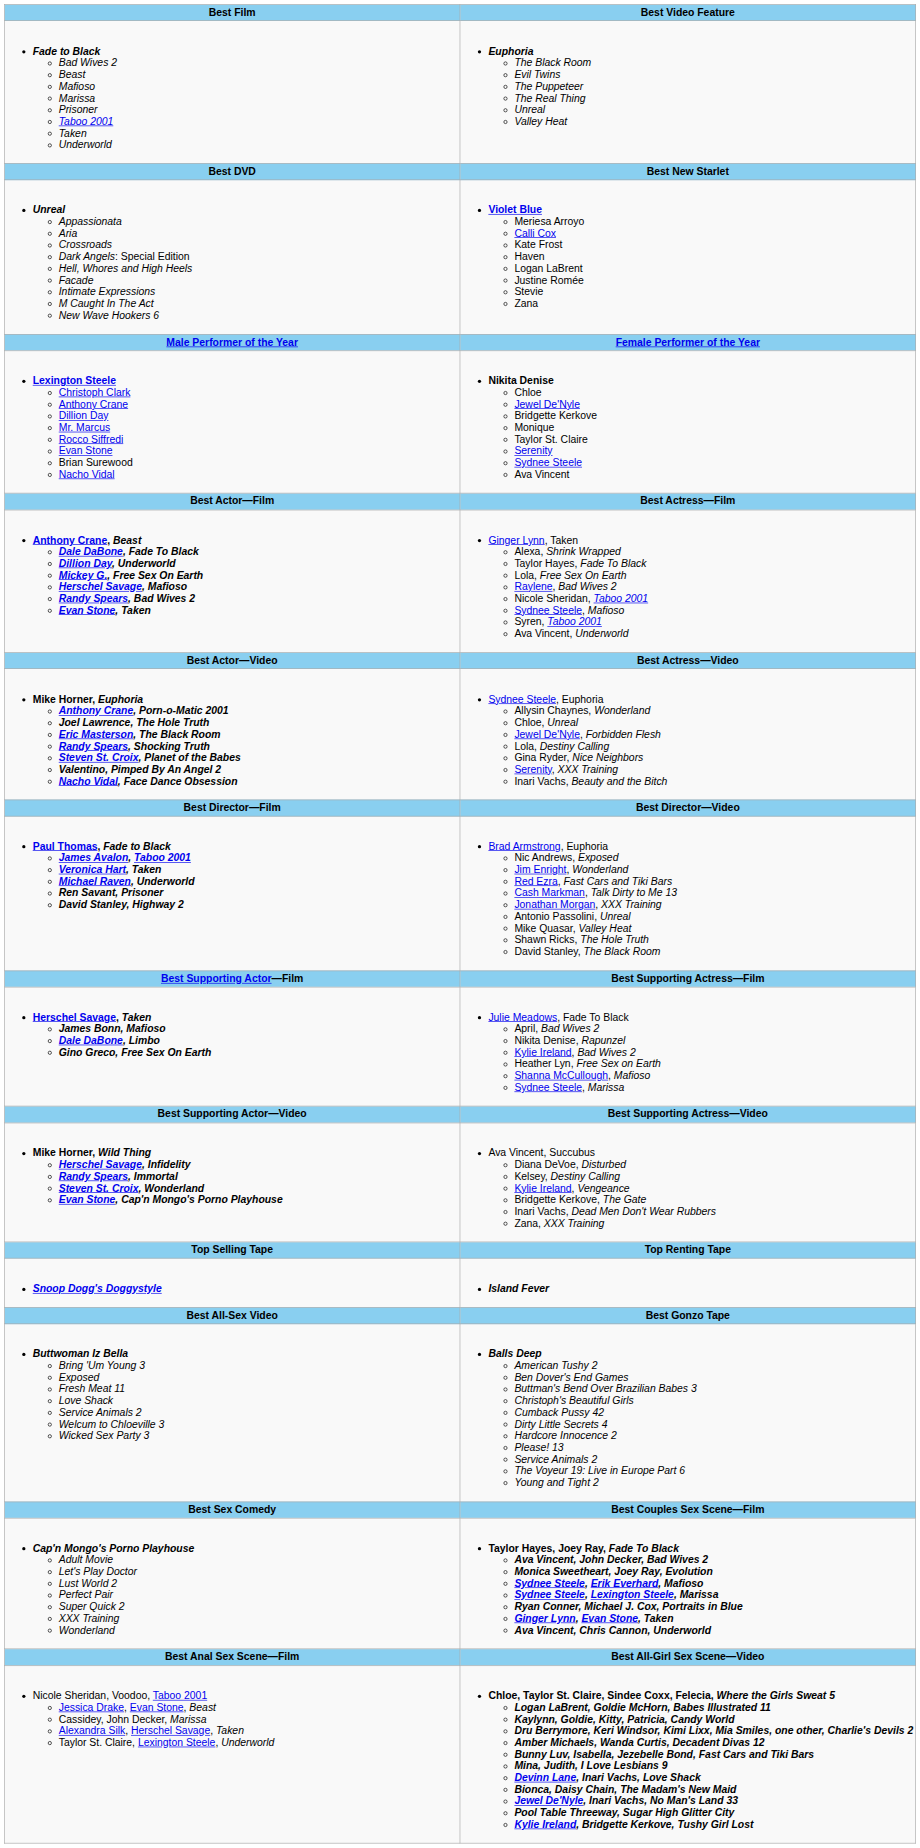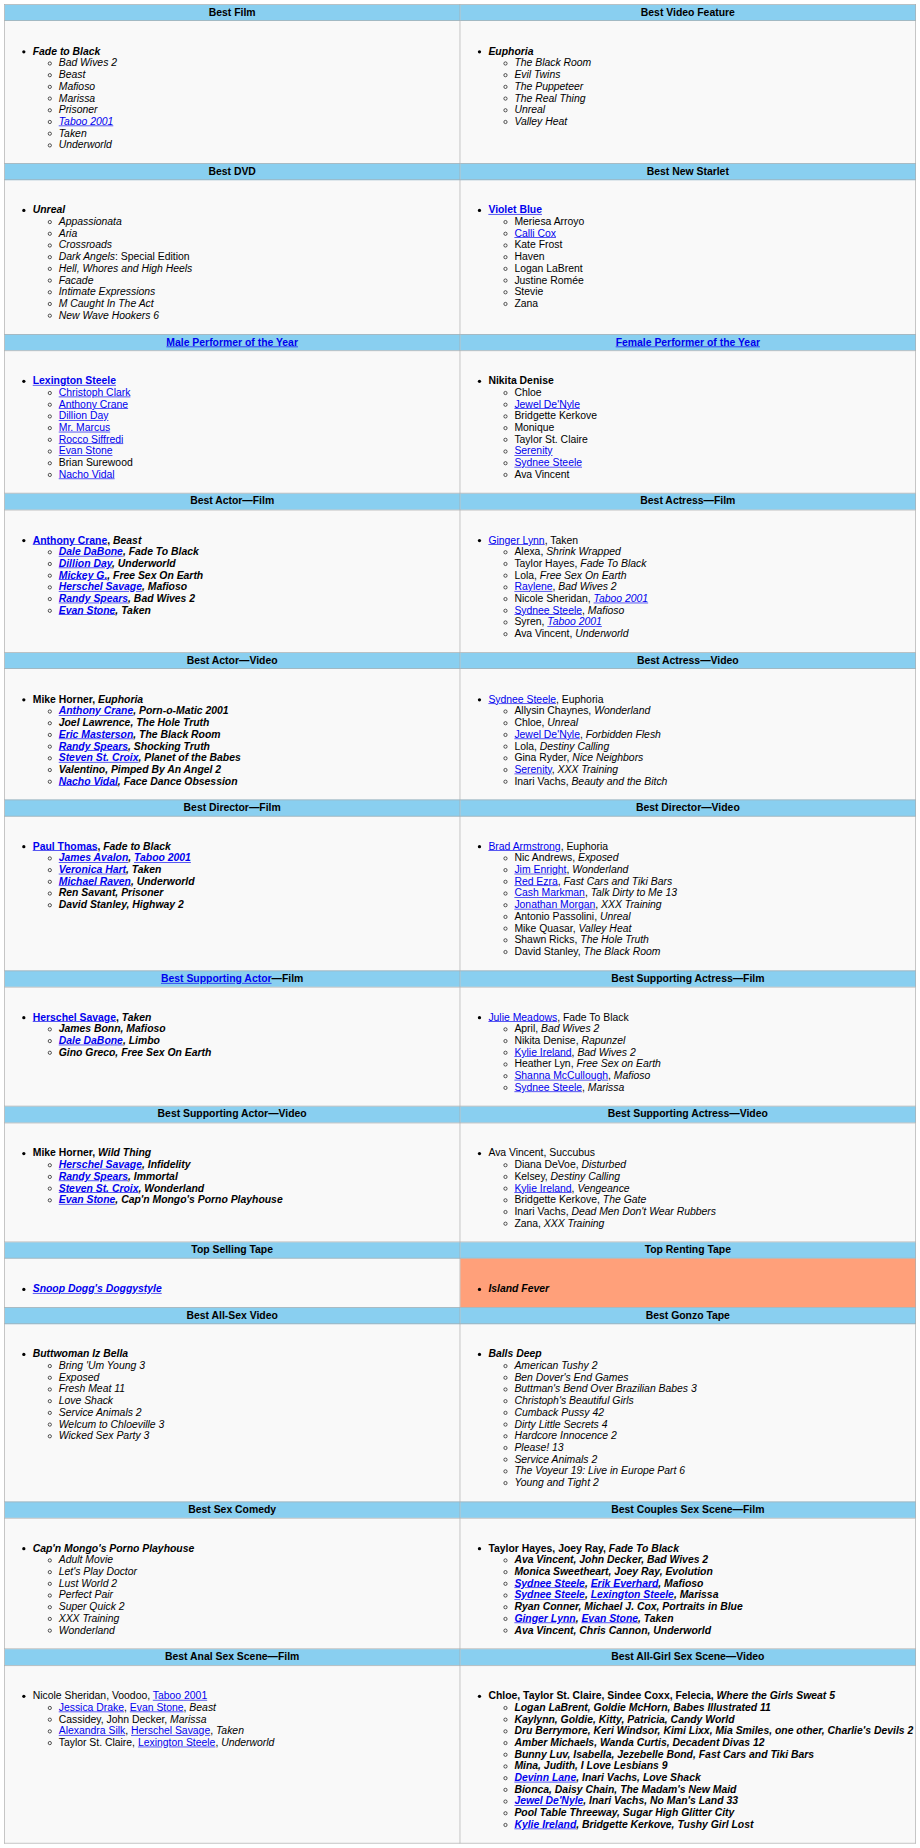 <table class=wikitable>
 <tr>
 <th style="background:#89cff0" width="50%">Best Film</th>
 <th style="background:#89cff0" width="50%">Best Video Feature</th>
 </tr>
 <tr>
 <td valign="top"><br><ul><li><strong><em>Fade to Black</em></strong><ul><li><em>Bad Wives 2</em></li><li><em>Beast</em></li><li><em>Mafioso</em></li><li><em>Marissa</em></li><li><em>Prisoner</em></li><li><em><a href='#'>Taboo 2001</a></em></li><li><em>Taken</em></li><li><em>Underworld</em></li></ul></li></ul></td>
 <td valign="top"><br><ul><li><strong><em>Euphoria</em></strong><ul><li><em>The Black Room</em></li><li><em>Evil Twins</em></li><li><em>The Puppeteer</em></li><li><em>The Real Thing</em></li><li><em>Unreal</em></li><li><em>Valley Heat</em></li></ul></li></ul></td>
 </tr>
 <tr>
 <th style="background:#89cff0">Best DVD</th>
 <th style="background:#89cff0">Best New Starlet</th>
 </tr>
 <tr>
 <td valign="top"><br><ul><li><strong><em>Unreal</em></strong><ul><li><em>Appassionata</em></li><li><em>Aria</em></li><li><em>Crossroads</em></li><li><em>Dark Angels</em>: Special Edition</li><li><em>Hell, Whores and High Heels</em></li><li><em>Facade</em></li><li><em>Intimate Expressions</em></li><li><em>M Caught In The Act</em></li><li><em>New Wave Hookers 6</em></li></ul></li></ul></td>
 <td valign="top"><br><ul><li><strong><a href='#'>Violet Blue</a></strong><ul><li>Meriesa Arroyo</li><li><a href='#'>Calli Cox</a></li><li>Kate Frost</li><li>Haven</li><li>Logan LaBrent</li><li>Justine Romée</li><li>Stevie</li><li>Zana</li></ul></li></ul></td>
 </tr>
 <tr>
 <th style="background:#89cff0"><a href='#'>Male Performer of the Year</a></th>
 <th style="background:#89cff0"><a href='#'>Female Performer of the Year</a></th>
 </tr>
 <tr>
 <td valign="top"><br><ul><li><strong><a href='#'>Lexington Steele</a></strong><ul><li><a href='#'>Christoph Clark</a></li><li><a href='#'>Anthony Crane</a></li><li><a href='#'>Dillion Day</a></li><li><a href='#'>Mr. Marcus</a></li><li><a href='#'>Rocco Siffredi</a></li><li><a href='#'>Evan Stone</a></li><li>Brian Surewood</li><li><a href='#'>Nacho Vidal</a></li></ul></li></ul></td>
 <td valign="top"><br><ul><li><strong>Nikita Denise</strong><ul><li>Chloe</li><li><a href='#'>Jewel De'Nyle</a></li><li>Bridgette Kerkove</li><li>Monique</li><li>Taylor St. Claire</li><li><a href='#'>Serenity</a></li><li><a href='#'>Sydnee Steele</a></li><li>Ava Vincent</li></ul></li></ul></td>
 </tr>
 <tr>
 <th style="background:#89cff0">Best Actor—Film</th>
 <th style="background:#89cff0">Best Actress—Film</th>
 </tr>
 <tr>
 <td valign="top"><br><ul><li><strong><a href='#'>Anthony Crane</a>, <em>Beast<strong><em><ul><li><a href='#'>Dale DaBone</a>, </em>Fade To Black<em></li><li><a href='#'>Dillion Day</a>, </em>Underworld<em></li><li><a href='#'>Mickey G.</a>, </em>Free Sex On Earth<em></li><li><a href='#'>Herschel Savage</a>, </em>Mafioso<em></li><li><a href='#'>Randy Spears</a>, </em>Bad Wives 2<em></li><li><a href='#'>Evan Stone</a>, </em>Taken<em></li></ul></li></ul></td>
 <td valign="top"><br><ul><li></strong><a href='#'>Ginger Lynn</a>, </em>Taken</em></strong><ul><li>Alexa, <em>Shrink Wrapped</em></li><li>Taylor Hayes, <em>Fade To Black</em></li><li>Lola, <em>Free Sex On Earth</em></li><li><a href='#'>Raylene</a>, <em>Bad Wives 2</em></li><li>Nicole Sheridan, <em><a href='#'>Taboo 2001</a></em></li><li><a href='#'>Sydnee Steele</a>, <em>Mafioso</em></li><li>Syren, <em><a href='#'>Taboo 2001</a></em></li><li>Ava Vincent, <em>Underworld</em></li></ul></li></ul></td>
 </tr>
 <tr>
 <th style="background:#89cff0">Best Actor—Video</th>
 <th style="background:#89cff0">Best Actress—Video</th>
 </tr>
 <tr>
 <td valign="top"><br><ul><li><strong>Mike Horner, <em>Euphoria<strong><em><ul><li><a href='#'>Anthony Crane</a>, </em>Porn-o-Matic 2001<em></li><li>Joel Lawrence, </em>The Hole Truth<em></li><li><a href='#'>Eric Masterson</a>, </em>The Black Room<em></li><li><a href='#'>Randy Spears</a>, </em>Shocking Truth<em></li><li><a href='#'>Steven St. Croix</a>, </em>Planet of the Babes<em></li><li>Valentino, </em>Pimped By An Angel 2<em></li><li><a href='#'>Nacho Vidal</a>, </em>Face Dance Obsession<em></li></ul></li></ul></td>
 <td valign="top"><br><ul><li></strong><a href='#'>Sydnee Steele</a>, </em>Euphoria</em></strong><ul><li>Allysin Chaynes, <em>Wonderland</em></li><li>Chloe, <em>Unreal</em></li><li><a href='#'>Jewel De'Nyle</a>, <em>Forbidden Flesh</em></li><li>Lola, <em>Destiny Calling</em></li><li>Gina Ryder, <em>Nice Neighbors</em></li><li><a href='#'>Serenity</a>, <em>XXX Training</em></li><li>Inari Vachs, <em>Beauty and the Bitch</em></li></ul></li></ul></td>
 </tr>
 <tr>
 <th style="background:#89cff0">Best Director—Film</th>
 <th style="background:#89cff0">Best Director—Video</th>
 </tr>
 <tr>
 <td valign="top"><br><ul><li><strong><a href='#'>Paul Thomas</a>, <em>Fade to Black<strong><em><ul><li><a href='#'>James Avalon</a>, </em><a href='#'>Taboo 2001</a><em></li><li><a href='#'>Veronica Hart</a>, </em>Taken<em></li><li><a href='#'>Michael Raven</a>, </em>Underworld<em></li><li>Ren Savant, </em>Prisoner<em></li><li>David Stanley, </em>Highway 2<em></li></ul></li></ul></td>
 <td valign="top"><br><ul><li></strong><a href='#'>Brad Armstrong</a>, </em>Euphoria</em></strong><ul><li>Nic Andrews, <em>Exposed</em></li><li><a href='#'>Jim Enright</a>, <em>Wonderland</em></li><li><a href='#'>Red Ezra</a>, <em>Fast Cars and Tiki Bars</em></li><li><a href='#'>Cash Markman</a>, <em>Talk Dirty to Me 13</em></li><li><a href='#'>Jonathan Morgan</a>, <em>XXX Training</em></li><li>Antonio Passolini, <em>Unreal</em></li><li>Mike Quasar, <em>Valley Heat</em></li><li>Shawn Ricks, <em>The Hole Truth</em></li><li>David Stanley, <em>The Black Room</em></li></ul></li></ul></td>
 </tr>
 <tr>
 <th style="background:#89cff0"><a href='#'>Best Supporting Actor</a>—Film</th>
 <th style="background:#89cff0">Best Supporting Actress—Film</th>
 </tr>
 <tr>
 <td valign="top"><br><ul><li><strong><a href='#'>Herschel Savage</a>, <em>Taken<strong><em><ul><li>James Bonn, </em>Mafioso<em></li><li><a href='#'>Dale DaBone</a>, </em>Limbo<em></li><li>Gino Greco, </em>Free Sex On Earth<em></li></ul></li></ul></td>
 <td valign="top"><br><ul><li></strong><a href='#'>Julie Meadows</a>, </em>Fade To Black</em></strong><ul><li>April, <em>Bad Wives 2</em></li><li>Nikita Denise, <em>Rapunzel</em></li><li><a href='#'>Kylie Ireland</a>, <em>Bad Wives 2</em></li><li>Heather Lyn, <em>Free Sex on Earth</em></li><li><a href='#'>Shanna McCullough</a>, <em>Mafioso</em></li><li><a href='#'>Sydnee Steele</a>, <em>Marissa</em></li></ul></li></ul></td>
 </tr>
 <tr>
 <th style="background:#89cff0">Best Supporting Actor—Video</th>
 <th style="background:#89cff0">Best Supporting Actress—Video</th>
 </tr>
 <tr>
 <td valign="top"><br><ul><li><strong>Mike Horner, <em>Wild Thing<strong><em><ul><li><a href='#'>Herschel Savage</a>, </em>Infidelity<em></li><li><a href='#'>Randy Spears</a>, </em>Immortal<em></li><li><a href='#'>Steven St. Croix</a>, </em>Wonderland<em></li><li><a href='#'>Evan Stone</a>, </em>Cap'n Mongo's Porno Playhouse<em></li></ul></li></ul></td>
 <td valign="top"><br><ul><li></strong>Ava Vincent, </em>Succubus</em></strong><ul><li>Diana DeVoe, <em>Disturbed</em></li><li>Kelsey, <em>Destiny Calling</em></li><li><a href='#'>Kylie Ireland</a>, <em>Vengeance</em></li><li>Bridgette Kerkove, <em>The Gate</em></li><li>Inari Vachs, <em>Dead Men Don't Wear Rubbers</em></li><li>Zana, <em>XXX Training</em></li></ul></li></ul></td>
 </tr>
 <tr>
 <th style="background:#89cff0">Top Selling Tape</th>
 <th style="background:#89cff0">Top Renting Tape</th>
 </tr>
 <tr>
 <td valign="top"><br><ul><li><strong><em><a href='#'>Snoop Dogg's Doggystyle</a></em></strong></li></ul></td>
-<td valign="top"><br><ul><li><strong><em>Island Fever</em></strong></li></ul></td>
+<td valign="top" style="background: lightsalmon;"><br><ul><li><strong><em>Island Fever</em></strong></li></ul></td>
 </tr>
 <tr>
 <th style="background:#89cff0">Best All-Sex Video</th>
 <th style="background:#89cff0">Best Gonzo Tape</th>
 </tr>
 <tr>
 <td valign="top"><br><ul><li><strong><em>Buttwoman Iz Bella</em></strong><ul><li><em>Bring 'Um Young 3</em></li><li><em>Exposed</em></li><li><em>Fresh Meat 11</em></li><li><em>Love Shack</em></li><li><em>Service Animals 2</em></li><li><em>Welcum to Chloeville 3</em></li><li><em>Wicked Sex Party 3</em></li></ul></li></ul></td>
 <td valign="top"><br><ul><li><strong><em>Balls Deep</em></strong><ul><li><em>American Tushy 2</em></li><li><em>Ben Dover's End Games</em></li><li><em>Buttman's Bend Over Brazilian Babes 3</em></li><li><em>Christoph's Beautiful Girls</em></li><li><em>Cumback Pussy 42</em></li><li><em>Dirty Little Secrets 4</em></li><li><em>Hardcore Innocence 2</em></li><li><em>Please! 13</em></li><li><em>Service Animals 2</em></li><li><em>The Voyeur 19: Live in Europe Part 6</em></li><li><em>Young and Tight 2</em></li></ul></li></ul></td>
 </tr>
 <tr>
 <th style="background:#89cff0">Best Sex Comedy</th>
 <th style="background:#89cff0">Best Couples Sex Scene—Film</th>
 </tr>
 <tr>
 <td valign="top"><br><ul><li><strong><em>Cap'n Mongo's Porno Playhouse</em></strong><ul><li><em>Adult Movie</em></li><li><em>Let's Play Doctor</em></li><li><em>Lust World 2</em></li><li><em>Perfect Pair</em></li><li><em>Super Quick 2</em></li><li><em>XXX Training</em></li><li><em>Wonderland</em></li></ul></li></ul></td>
 <td valign="top"><br><ul><li><strong>Taylor Hayes, Joey Ray, <em>Fade To Black<strong><em><ul><li>Ava Vincent, John Decker, </em>Bad Wives 2<em></li><li>Monica Sweetheart, Joey Ray, </em>Evolution<em></li><li><a href='#'>Sydnee Steele</a>, <a href='#'>Erik Everhard</a>, </em>Mafioso<em></li><li><a href='#'>Sydnee Steele</a>, <a href='#'>Lexington Steele</a>, </em>Marissa<em></li><li>Ryan Conner, Michael J. Cox, </em>Portraits in Blue<em></li><li><a href='#'>Ginger Lynn</a>, <a href='#'>Evan Stone</a>, </em>Taken<em></li><li>Ava Vincent, Chris Cannon, </em>Underworld<em></li></ul></li></ul></td>
 </tr>
 <tr>
 <th style="background:#89cff0">Best Anal Sex Scene—Film</th>
 <th style="background:#89cff0">Best All-Girl Sex Scene—Video</th>
 </tr>
 <tr>
 <td valign="top"><br><ul><li></strong>Nicole Sheridan, Voodoo, </em><a href='#'>Taboo 2001</a></em></strong><ul><li><a href='#'>Jessica Drake</a>, <a href='#'>Evan Stone</a>, <em>Beast</em></li><li>Cassidey, John Decker, <em>Marissa</em></li><li><a href='#'>Alexandra Silk</a>, <a href='#'>Herschel Savage</a>, <em>Taken</em></li><li>Taylor St. Claire, <a href='#'>Lexington Steele</a>, <em>Underworld</em></li></ul></li></ul></td>
 <td valign="top"><br><ul><li><strong>Chloe, Taylor St. Claire, Sindee Coxx, Felecia, <em>Where the Girls Sweat 5<strong><em><ul><li>Logan LaBrent, Goldie McHorn, </em>Babes Illustrated 11<em></li><li>Kaylynn, Goldie, Kitty, Patricia, </em>Candy World<em></li><li>Dru Berrymore, Keri Windsor, Kimi Lixx, Mia Smiles, one other, </em>Charlie's Devils 2<em></li><li>Amber Michaels, Wanda Curtis, </em>Decadent Divas 12<em></li><li>Bunny Luv, Isabella, Jezebelle Bond, </em>Fast Cars and Tiki Bars<em></li><li>Mina, Judith, </em>I Love Lesbians 9<em></li><li><a href='#'>Devinn Lane</a>, Inari Vachs, </em>Love Shack<em></li><li>Bionca, Daisy Chain, </em>The Madam's New Maid<em></li><li><a href='#'>Jewel De'Nyle</a>, Inari Vachs, </em>No Man's Land 33<em></li><li>Pool Table Threeway, </em>Sugar High Glitter City<em></li><li><a href='#'>Kylie Ireland</a>, Bridgette Kerkove, </em>Tushy Girl Lost<em></li></ul></li></ul></td>
 </tr>
 </table>
